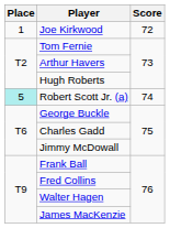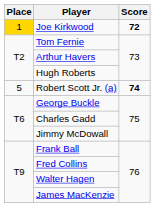 <table class=wikitable>
 <tr>
 <th>Place</th>
 <th>Player</th>
 <th>Score</th>
 </tr>
 <tr>
-<td align=center>1</td>
+<td align=center style="background: gold;">1</td>
 <td> <a href='#'>Joe Kirkwood</a></td>
-<td align=center>72</td>
+<td align=center><strong>72</strong></td>
 </tr>
 <tr>
 <td rowspan=3 align=center>T2</td>
 <td> <a href='#'>Tom Fernie</a></td>
 <td rowspan=3 align=center>73</td>
 </tr>
 <tr>
 <td> <a href='#'>Arthur Havers</a></td>
 </tr>
 <tr>
 <td> Hugh Roberts</td>
 </tr>
 <tr>
-<td align=center style="background: paleturquoise;">5</td>
+<td align=center>5</td>
 <td> Robert Scott Jr. <a href='#'>(a)</a></td>
-<td align=center>74</td>
+<td align=center><strong>74</strong></td>
 </tr>
 <tr>
 <td rowspan=3 align=center>T6</td>
 <td> <a href='#'>George Buckle</a></td>
 <td rowspan=3 align=center>75</td>
 </tr>
 <tr>
 <td> Charles Gadd</td>
 </tr>
 <tr>
 <td> Jimmy McDowall</td>
 </tr>
 <tr>
 <td rowspan=4 align=center>T9</td>
 <td> <a href='#'>Frank Ball</a></td>
 <td rowspan=4 align=center>76</td>
 </tr>
 <tr>
 <td> <a href='#'>Fred Collins</a></td>
 </tr>
 <tr>
 <td> <a href='#'>Walter Hagen</a></td>
 </tr>
 <tr>
 <td> <a href='#'>James MacKenzie</a></td>
 </tr>
 </table>
